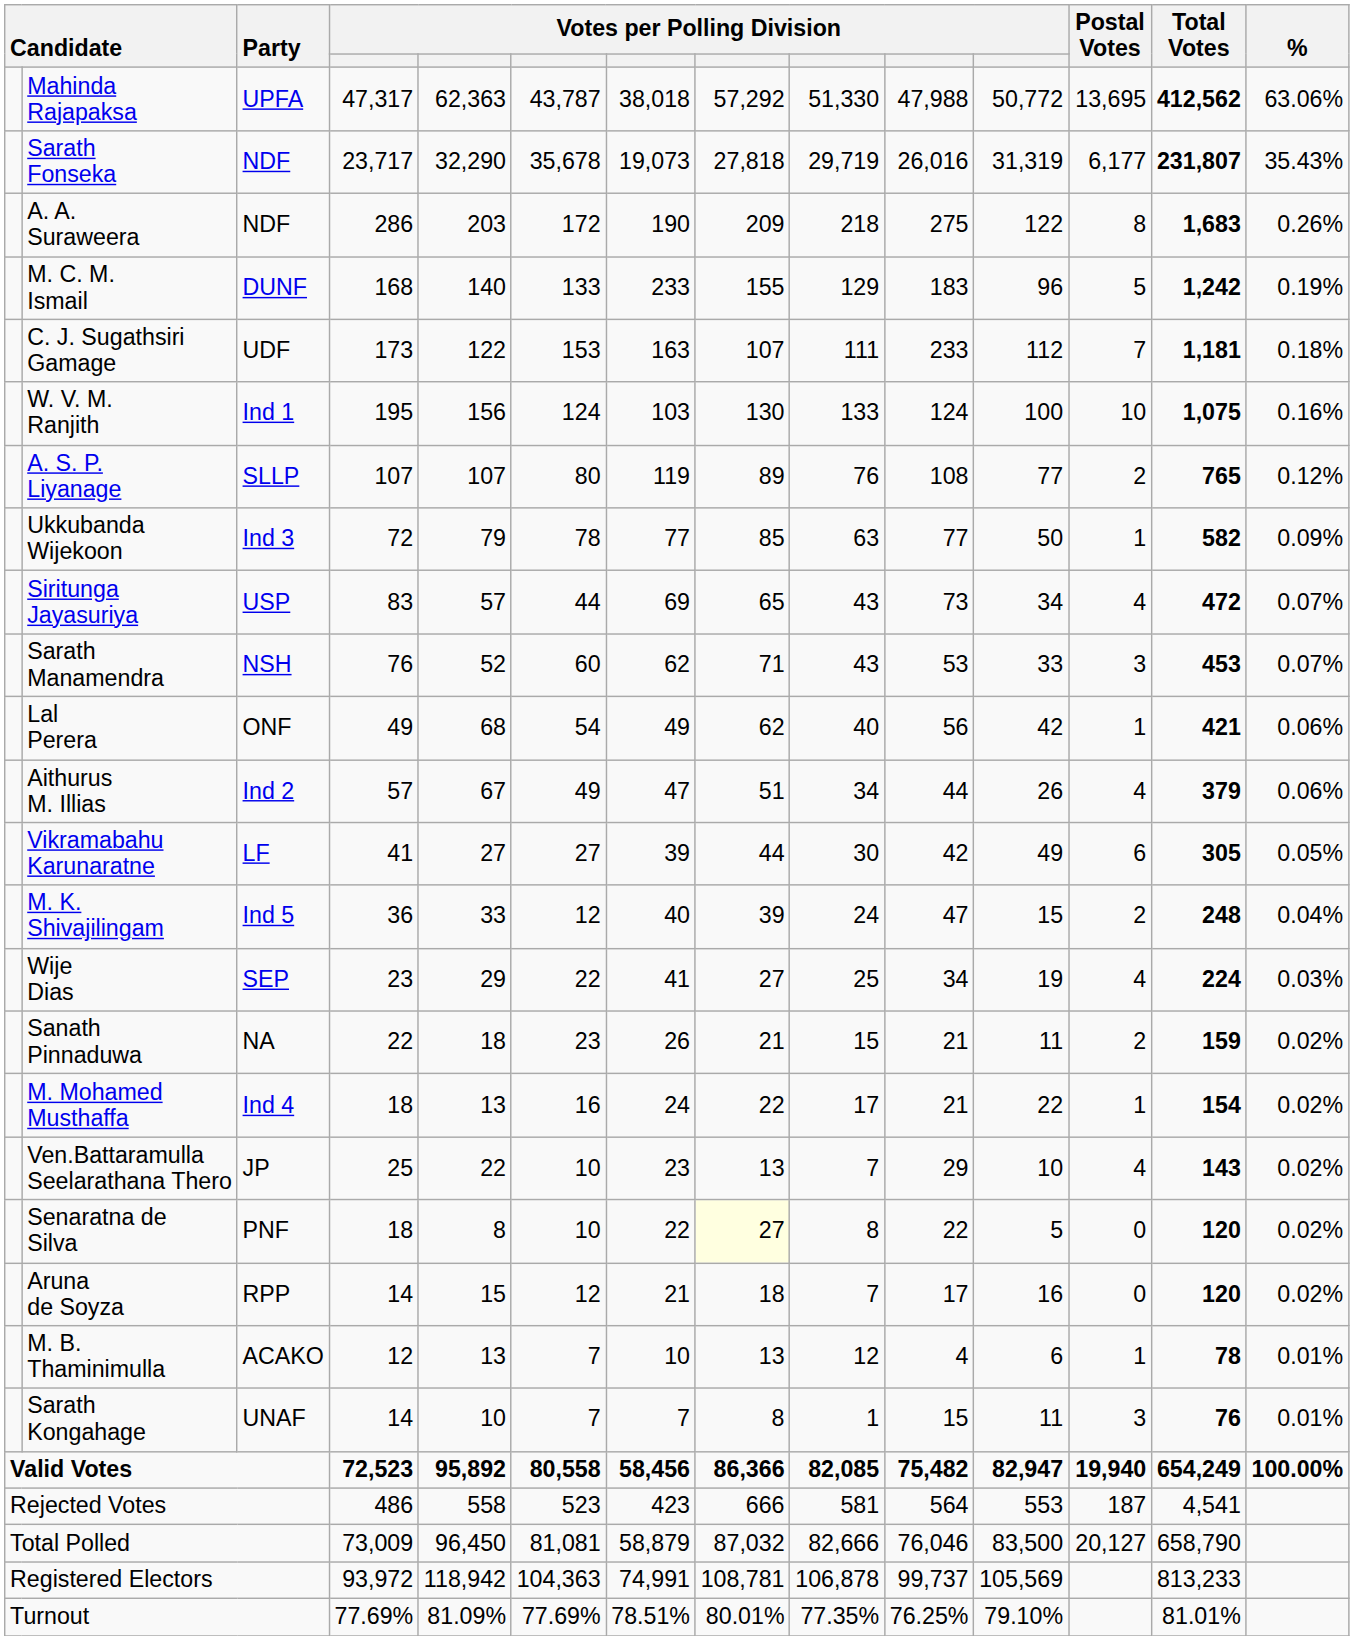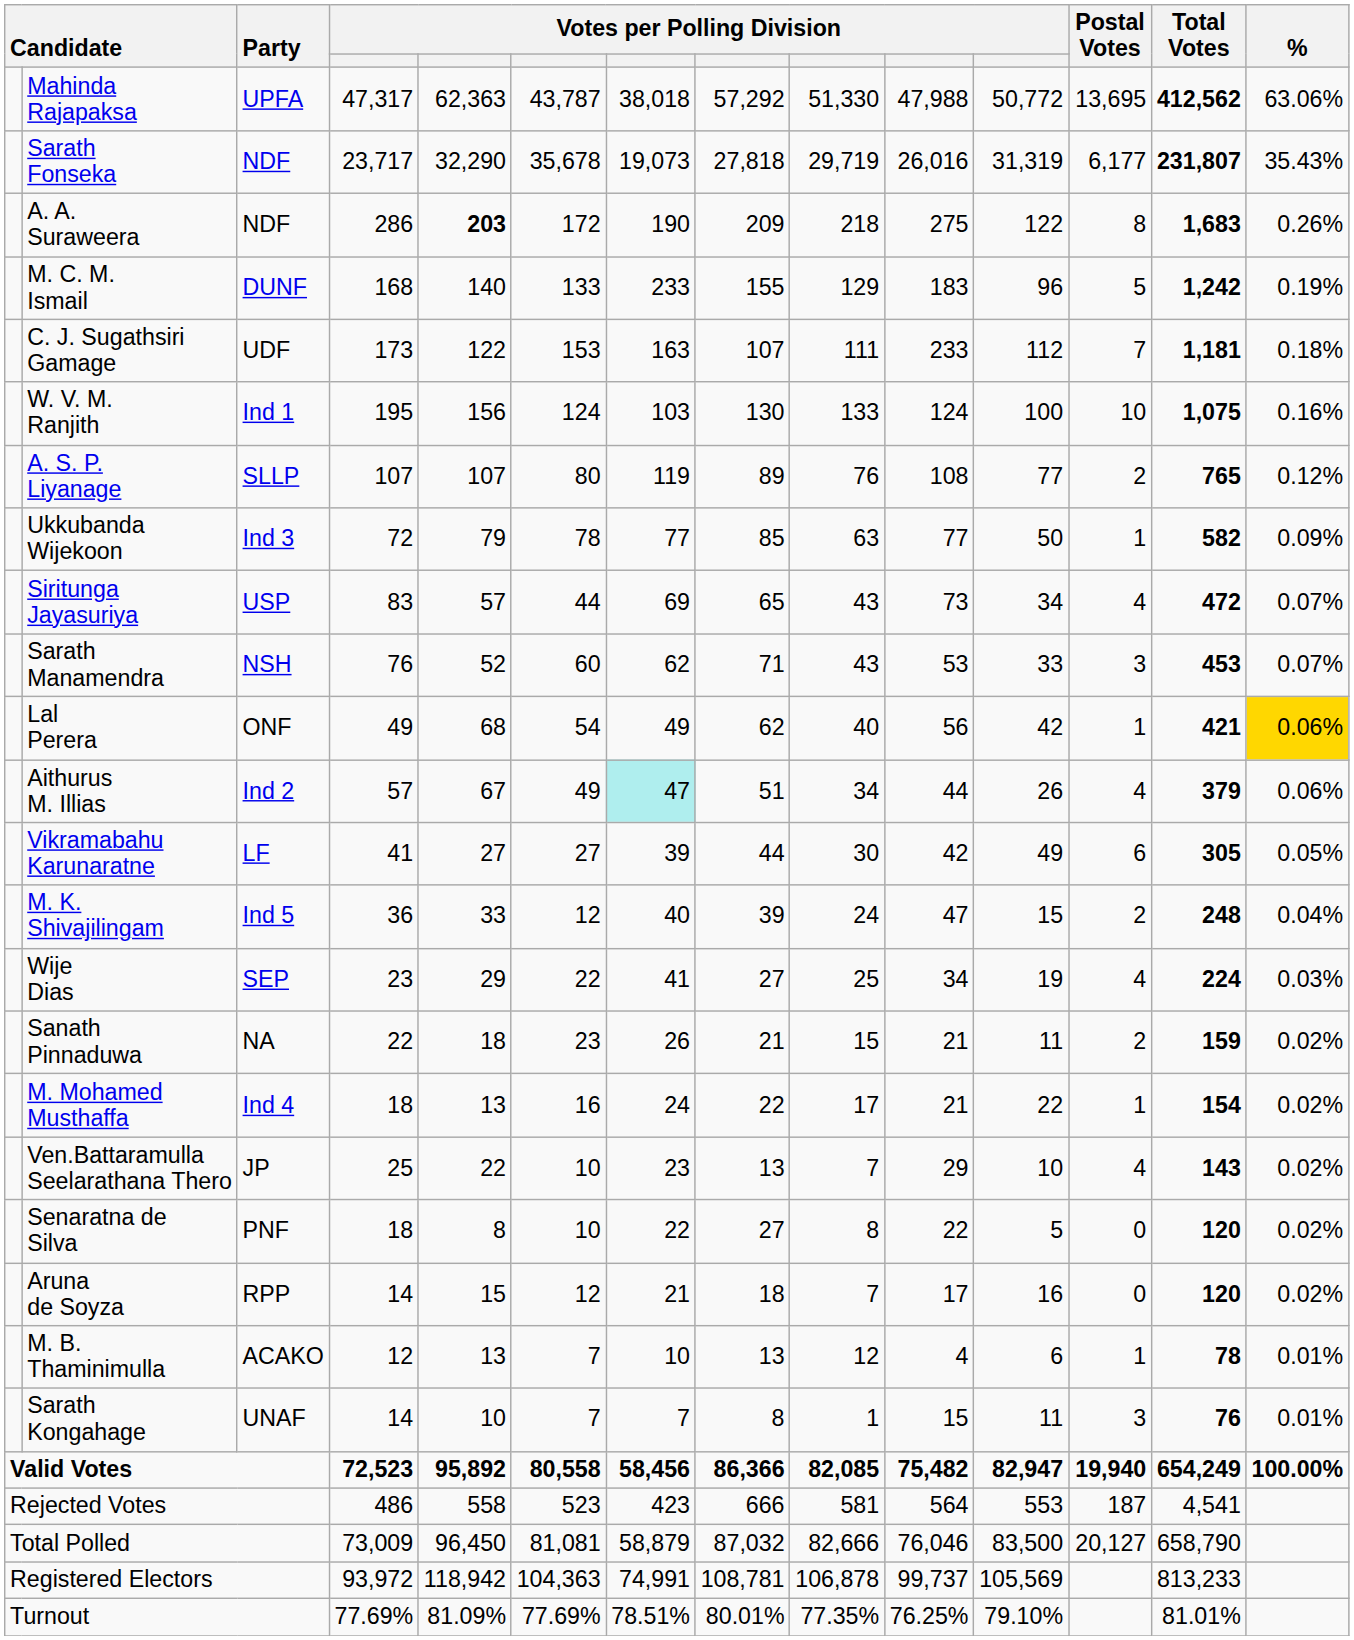 <table class="wikitable" border="1" style="text-align:right;">
 <tr>
 <th style="text-align:left; vertical-align:bottom;" rowspan="2" colspan="2">Candidate</th>
 <th rowspan="2" style="vertical-align:bottom; text-align:left; width:40px;">Party</th>
 <th colspan=8>Votes per Polling Division</th>
 <th rowspan="2" style="vertical-align:bottom; text-align:center; width:50px;">Postal<br>Votes</th>
 <th rowspan="2" style="vertical-align:bottom; text-align:center; width:50px;">Total Votes</th>
 <th rowspan="2" style="vertical-align:bottom; text-align:center; width:50px;">%</th>
 </tr>
 <tr>
 <th></th>
 <th></th>
 <th></th>
 <th></th>
 <th></th>
 <th></th>
 <th></th>
 <th></th>
 </tr>
 <tr>
 <td bgcolor=> </td>
 <td align=left><a href='#'>Mahinda<br>Rajapaksa</a></td>
 <td align=left><a href='#'>UPFA</a></td>
 <td>47,317</td>
 <td>62,363</td>
 <td>43,787</td>
 <td>38,018</td>
 <td>57,292</td>
 <td>51,330</td>
 <td>47,988</td>
 <td>50,772</td>
 <td>13,695</td>
 <td><strong>412,562</strong></td>
 <td>63.06%</td>
 </tr>
 <tr>
 <td bgcolor=> </td>
 <td align=left><a href='#'>Sarath<br>Fonseka</a></td>
 <td align=left><a href='#'>NDF</a></td>
 <td>23,717</td>
 <td>32,290</td>
 <td>35,678</td>
 <td>19,073</td>
 <td>27,818</td>
 <td>29,719</td>
 <td>26,016</td>
 <td>31,319</td>
 <td>6,177</td>
 <td><strong>231,807</strong></td>
 <td>35.43%</td>
 </tr>
 <tr>
 <td bgcolor=> </td>
 <td align=left>A. A.<br>Suraweera</td>
 <td align=left>NDF</td>
 <td>286</td>
-<td>203</td>
+<td><strong>203</strong></td>
 <td>172</td>
 <td>190</td>
 <td>209</td>
 <td>218</td>
 <td>275</td>
 <td>122</td>
 <td>8</td>
 <td><strong>1,683</strong></td>
 <td>0.26%</td>
 </tr>
 <tr>
 <td bgcolor=> </td>
 <td align=left>M. C. M.<br>Ismail</td>
 <td align=left><a href='#'>DUNF</a></td>
 <td>168</td>
 <td>140</td>
 <td>133</td>
 <td>233</td>
 <td>155</td>
 <td>129</td>
 <td>183</td>
 <td>96</td>
 <td>5</td>
 <td><strong>1,242</strong></td>
 <td>0.19%</td>
 </tr>
 <tr>
 <td bgcolor=> </td>
 <td align=left>C. J. Sugathsiri<br>Gamage</td>
 <td align=left>UDF</td>
 <td>173</td>
 <td>122</td>
 <td>153</td>
 <td>163</td>
 <td>107</td>
 <td>111</td>
 <td>233</td>
 <td>112</td>
 <td>7</td>
 <td><strong>1,181</strong></td>
 <td>0.18%</td>
 </tr>
 <tr>
 <td bgcolor=> </td>
 <td align=left>W. V. M.<br>Ranjith</td>
 <td align=left><a href='#'>Ind 1</a></td>
 <td>195</td>
 <td>156</td>
 <td>124</td>
 <td>103</td>
 <td>130</td>
 <td>133</td>
 <td>124</td>
 <td>100</td>
 <td>10</td>
 <td><strong>1,075</strong></td>
 <td>0.16%</td>
 </tr>
 <tr>
 <td bgcolor=> </td>
 <td align=left><a href='#'>A. S. P.<br>Liyanage</a></td>
 <td align=left><a href='#'>SLLP</a></td>
 <td>107</td>
 <td>107</td>
 <td>80</td>
 <td>119</td>
 <td>89</td>
 <td>76</td>
 <td>108</td>
 <td>77</td>
 <td>2</td>
 <td><strong>765</strong></td>
 <td>0.12%</td>
 </tr>
 <tr>
 <td bgcolor=> </td>
 <td align=left>Ukkubanda<br>Wijekoon</td>
 <td align=left><a href='#'>Ind 3</a></td>
 <td>72</td>
 <td>79</td>
 <td>78</td>
 <td>77</td>
 <td>85</td>
 <td>63</td>
 <td>77</td>
 <td>50</td>
 <td>1</td>
 <td><strong>582</strong></td>
 <td>0.09%</td>
 </tr>
 <tr>
 <td bgcolor=> </td>
 <td align=left><a href='#'>Siritunga<br>Jayasuriya</a></td>
 <td align=left><a href='#'>USP</a></td>
 <td>83</td>
 <td>57</td>
 <td>44</td>
 <td>69</td>
 <td>65</td>
 <td>43</td>
 <td>73</td>
 <td>34</td>
 <td>4</td>
 <td><strong>472</strong></td>
 <td>0.07%</td>
 </tr>
 <tr>
 <td bgcolor=> </td>
 <td align=left>Sarath<br>Manamendra</td>
 <td align=left><a href='#'>NSH</a></td>
 <td>76</td>
 <td>52</td>
 <td>60</td>
 <td>62</td>
 <td>71</td>
 <td>43</td>
 <td>53</td>
 <td>33</td>
 <td>3</td>
 <td><strong>453</strong></td>
 <td>0.07%</td>
 </tr>
 <tr>
 <td bgcolor=> </td>
 <td align=left>Lal<br>Perera</td>
 <td align=left>ONF</td>
 <td>49</td>
 <td>68</td>
 <td>54</td>
 <td>49</td>
 <td>62</td>
 <td>40</td>
 <td>56</td>
 <td>42</td>
 <td>1</td>
 <td><strong>421</strong></td>
-<td>0.06%</td>
+<td style="background: gold;">0.06%</td>
 </tr>
 <tr>
 <td bgcolor=> </td>
 <td align=left>Aithurus<br>M. Illias</td>
 <td align=left><a href='#'>Ind 2</a></td>
 <td>57</td>
 <td>67</td>
 <td>49</td>
-<td>47</td>
+<td style="background: paleturquoise;">47</td>
 <td>51</td>
 <td>34</td>
 <td>44</td>
 <td>26</td>
 <td>4</td>
 <td><strong>379</strong></td>
 <td>0.06%</td>
 </tr>
 <tr>
 <td bgcolor=> </td>
 <td align=left><a href='#'>Vikramabahu<br>Karunaratne</a></td>
 <td align=left><a href='#'>LF</a></td>
 <td>41</td>
 <td>27</td>
 <td>27</td>
 <td>39</td>
 <td>44</td>
 <td>30</td>
 <td>42</td>
 <td>49</td>
 <td>6</td>
 <td><strong>305</strong></td>
 <td>0.05%</td>
 </tr>
 <tr>
 <td bgcolor=> </td>
 <td align=left><a href='#'>M. K.<br>Shivajilingam</a></td>
 <td align=left><a href='#'>Ind 5</a></td>
 <td>36</td>
 <td>33</td>
 <td>12</td>
 <td>40</td>
 <td>39</td>
 <td>24</td>
 <td>47</td>
 <td>15</td>
 <td>2</td>
 <td><strong>248</strong></td>
 <td>0.04%</td>
 </tr>
 <tr>
 <td bgcolor=> </td>
 <td align=left>Wije<br>Dias</td>
 <td align=left><a href='#'>SEP</a></td>
 <td>23</td>
 <td>29</td>
 <td>22</td>
 <td>41</td>
 <td>27</td>
 <td>25</td>
 <td>34</td>
 <td>19</td>
 <td>4</td>
 <td><strong>224</strong></td>
 <td>0.03%</td>
 </tr>
 <tr>
 <td bgcolor=> </td>
 <td align=left>Sanath<br>Pinnaduwa</td>
 <td align=left>NA</td>
 <td>22</td>
 <td>18</td>
 <td>23</td>
 <td>26</td>
 <td>21</td>
 <td>15</td>
 <td>21</td>
 <td>11</td>
 <td>2</td>
 <td><strong>159</strong></td>
 <td>0.02%</td>
 </tr>
 <tr>
 <td bgcolor=> </td>
 <td align=left><a href='#'>M. Mohamed<br>Musthaffa</a></td>
 <td align=left><a href='#'>Ind 4</a></td>
 <td>18</td>
 <td>13</td>
 <td>16</td>
 <td>24</td>
 <td>22</td>
 <td>17</td>
 <td>21</td>
 <td>22</td>
 <td>1</td>
 <td><strong>154</strong></td>
 <td>0.02%</td>
 </tr>
 <tr>
 <td bgcolor=> </td>
 <td align=left>Ven.Battaramulla<br>Seelarathana Thero</td>
 <td align=left>JP</td>
 <td>25</td>
 <td>22</td>
 <td>10</td>
 <td>23</td>
 <td>13</td>
 <td>7</td>
 <td>29</td>
 <td>10</td>
 <td>4</td>
 <td><strong>143</strong></td>
 <td>0.02%</td>
 </tr>
 <tr>
 <td bgcolor=> </td>
 <td align=left>Senaratna de<br> Silva</td>
 <td align=left>PNF</td>
 <td>18</td>
 <td>8</td>
 <td>10</td>
 <td>22</td>
-<td style="background: lightyellow;">27</td>
+<td>27</td>
 <td>8</td>
 <td>22</td>
 <td>5</td>
 <td>0</td>
 <td><strong>120</strong></td>
 <td>0.02%</td>
 </tr>
 <tr>
 <td bgcolor=> </td>
 <td align=left>Aruna<br>de Soyza</td>
 <td align=left>RPP</td>
 <td>14</td>
 <td>15</td>
 <td>12</td>
 <td>21</td>
 <td>18</td>
 <td>7</td>
 <td>17</td>
 <td>16</td>
 <td>0</td>
 <td><strong>120</strong></td>
 <td>0.02%</td>
 </tr>
 <tr>
 <td bgcolor=> </td>
 <td align=left>M. B. <br>Thaminimulla</td>
 <td align=left>ACAKO</td>
 <td>12</td>
 <td>13</td>
 <td>7</td>
 <td>10</td>
 <td>13</td>
 <td>12</td>
 <td>4</td>
 <td>6</td>
 <td>1</td>
 <td><strong>78</strong></td>
 <td>0.01%</td>
 </tr>
 <tr>
 <td bgcolor=> </td>
 <td align=left>Sarath<br>Kongahage</td>
 <td align=left>UNAF</td>
 <td>14</td>
 <td>10</td>
 <td>7</td>
 <td>7</td>
 <td>8</td>
 <td>1</td>
 <td>15</td>
 <td>11</td>
 <td>3</td>
 <td><strong>76</strong></td>
 <td>0.01%</td>
 </tr>
 <tr>
 <td align=left colspan=3><strong>Valid Votes</strong></td>
 <td><strong>72,523</strong></td>
 <td><strong>95,892</strong></td>
 <td><strong>80,558</strong></td>
 <td><strong>58,456</strong></td>
 <td><strong>86,366</strong></td>
 <td><strong>82,085</strong></td>
 <td><strong>75,482</strong></td>
 <td><strong>82,947</strong></td>
 <td><strong>19,940</strong></td>
 <td><strong>654,249</strong></td>
 <td><strong>100.00%</strong></td>
 </tr>
 <tr>
 <td align=left colspan=3>Rejected Votes</td>
 <td>486</td>
 <td>558</td>
 <td>523</td>
 <td>423</td>
 <td>666</td>
 <td>581</td>
 <td>564</td>
 <td>553</td>
 <td>187</td>
 <td>4,541</td>
 <td></td>
 </tr>
 <tr>
 <td align=left colspan=3>Total Polled</td>
 <td>73,009</td>
 <td>96,450</td>
 <td>81,081</td>
 <td>58,879</td>
 <td>87,032</td>
 <td>82,666</td>
 <td>76,046</td>
 <td>83,500</td>
 <td>20,127</td>
 <td>658,790</td>
 <td></td>
 </tr>
 <tr>
 <td align=left colspan=3>Registered Electors</td>
 <td>93,972</td>
 <td>118,942</td>
 <td>104,363</td>
 <td>74,991</td>
 <td>108,781</td>
 <td>106,878</td>
 <td>99,737</td>
 <td>105,569</td>
 <td></td>
 <td>813,233</td>
 <td></td>
 </tr>
 <tr>
 <td align=left colspan=3>Turnout</td>
 <td>77.69%</td>
 <td>81.09%</td>
 <td>77.69%</td>
 <td>78.51%</td>
 <td>80.01%</td>
 <td>77.35%</td>
 <td>76.25%</td>
 <td>79.10%</td>
 <td></td>
 <td>81.01%</td>
 <td></td>
 </tr>
 </table>
